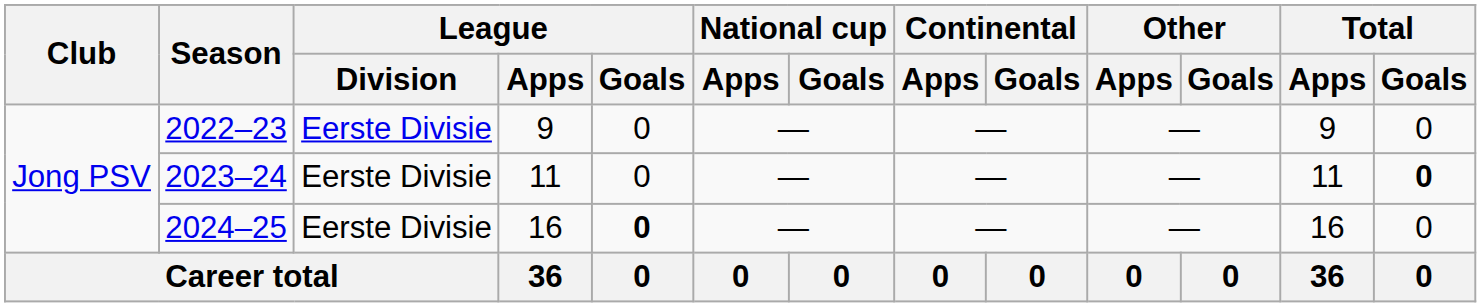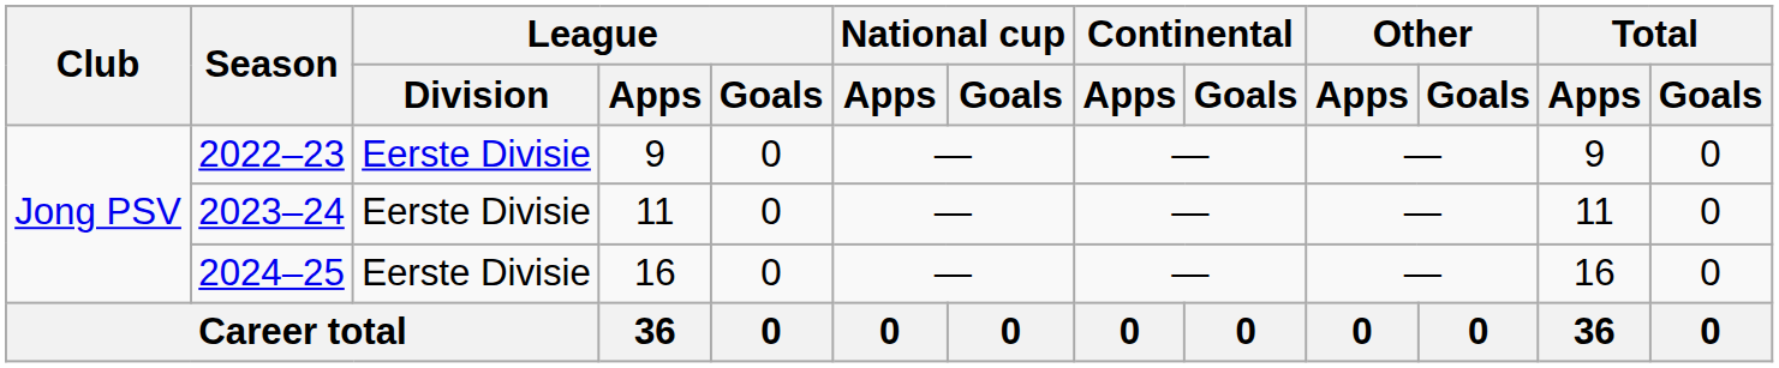 <table class="wikitable" Style="text-align: center">
 <tr>
 <th rowspan="2">Club</th>
 <th rowspan="2">Season</th>
 <th colspan="3">League</th>
 <th colspan="2">National cup</th>
 <th colspan="2">Continental</th>
 <th colspan="2">Other</th>
 <th colspan="2">Total</th>
 </tr>
 <tr>
 <th>Division</th>
 <th>Apps</th>
 <th>Goals</th>
 <th>Apps</th>
 <th>Goals</th>
 <th>Apps</th>
 <th>Goals</th>
 <th>Apps</th>
 <th>Goals</th>
 <th>Apps</th>
 <th>Goals</th>
 </tr>
 <tr>
 <td rowspan="3"><a href='#'>Jong PSV</a></td>
 <td><a href='#'>2022–23</a></td>
 <td><a href='#'>Eerste Divisie</a></td>
 <td>9</td>
 <td>0</td>
 <td colspan="2">—</td>
 <td colspan="2">—</td>
 <td colspan="2">—</td>
 <td>9</td>
 <td>0</td>
 </tr>
 <tr>
 <td><a href='#'>2023–24</a></td>
 <td>Eerste Divisie</td>
 <td>11</td>
 <td>0</td>
 <td colspan="2">—</td>
 <td colspan="2">—</td>
 <td colspan="2">—</td>
 <td>11</td>
-<td><strong>0</strong></td>
+<td>0</td>
 </tr>
 <tr>
 <td><a href='#'>2024–25</a></td>
 <td>Eerste Divisie</td>
 <td>16</td>
-<td><strong>0</strong></td>
+<td>0</td>
 <td colspan="2">—</td>
 <td colspan="2">—</td>
 <td colspan="2">—</td>
 <td>16</td>
 <td>0</td>
 </tr>
 <tr>
 <th colspan="3">Career total</th>
 <th>36</th>
 <th>0</th>
 <th>0</th>
 <th>0</th>
 <th>0</th>
 <th>0</th>
 <th>0</th>
 <th>0</th>
 <th>36</th>
 <th>0</th>
 </tr>
 </table>
